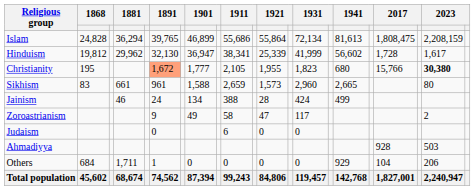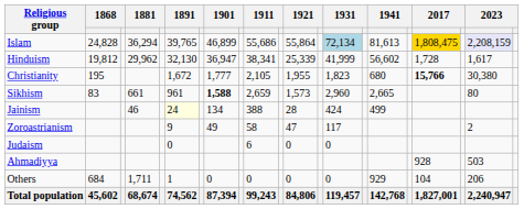 <table class="wikitable collapsible sortable">
 <tr>
 <th rowspan="2"><a href='#'>Religious</a><br>group</th>
 <th colspan="2">1868</th>
 <th colspan="2">1881</th>
 <th colspan="2">1891</th>
 <th colspan="2">1901</th>
 <th colspan="2">1911</th>
 <th colspan="2">1921</th>
 <th colspan="2">1931</th>
 <th colspan="2">1941</th>
 <th colspan="2">2017</th>
 <th colspan="2">2023</th>
 </tr>
 <tr>
 <th><a href='#'></a></th>
 <th></th>
 <th></th>
 <th></th>
 <th></th>
 <th></th>
 <th></th>
 <th></th>
 <th></th>
 <th></th>
 <th></th>
 <th></th>
 <th></th>
 <th></th>
 <th></th>
 <th></th>
 <th></th>
 <th></th>
 <th></th>
 <th></th>
 </tr>
 <tr>
 <td><a href='#'>Islam</a> </td>
 <td>24,828</td>
 <td></td>
 <td>36,294</td>
 <td></td>
 <td>39,765</td>
 <td></td>
 <td>46,899</td>
 <td></td>
 <td>55,686</td>
 <td></td>
 <td>55,864</td>
 <td></td>
-<td>72,134</td>
+<td style="background: lightblue;">72,134</td>
 <td></td>
 <td>81,613</td>
 <td></td>
-<td>1,808,475</td>
+<td style="background: gold;">1,808,475</td>
 <td></td>
-<td>2,208,159</td>
+<td style="background: lavender;">2,208,159</td>
 <td></td>
 </tr>
 <tr>
 <td><a href='#'>Hinduism</a> </td>
 <td>19,812</td>
 <td></td>
 <td>29,962</td>
 <td></td>
 <td>32,130</td>
 <td></td>
 <td>36,947</td>
 <td></td>
 <td>38,341</td>
 <td></td>
 <td>25,339</td>
 <td></td>
 <td>41,999</td>
 <td></td>
 <td>56,602</td>
 <td></td>
 <td>1,728</td>
 <td></td>
 <td>1,617</td>
 <td></td>
 </tr>
 <tr>
 <td><a href='#'>Christianity</a> </td>
 <td>195</td>
 <td></td>
 <td></td>
 <td></td>
-<td style="background: lightsalmon;">1,672</td>
+<td>1,672</td>
 <td></td>
 <td>1,777</td>
 <td></td>
 <td>2,105</td>
 <td></td>
 <td>1,955</td>
 <td></td>
 <td>1,823</td>
 <td></td>
 <td>680</td>
 <td></td>
-<td>15,766</td>
+<td><strong>15,766</strong></td>
 <td></td>
-<td><strong>30,380</strong></td>
+<td>30,380</td>
 <td></td>
 </tr>
 <tr>
 <td><a href='#'>Sikhism</a> </td>
 <td>83</td>
 <td></td>
 <td>661</td>
 <td></td>
 <td>961</td>
 <td></td>
-<td>1,588</td>
+<td><strong>1,588</strong></td>
 <td></td>
 <td>2,659</td>
 <td></td>
 <td>1,573</td>
 <td></td>
 <td>2,960</td>
 <td></td>
 <td>2,665</td>
 <td></td>
 <td></td>
 <td></td>
 <td>80</td>
 <td></td>
 </tr>
 <tr>
 <td><a href='#'>Jainism</a> </td>
 <td></td>
 <td></td>
 <td>46</td>
 <td></td>
-<td>24</td>
+<td style="background: lightyellow;">24</td>
 <td></td>
 <td>134</td>
 <td></td>
 <td>388</td>
 <td></td>
 <td>28</td>
 <td></td>
 <td>424</td>
 <td></td>
 <td>499</td>
 <td></td>
 <td></td>
 <td></td>
 <td></td>
 <td></td>
 </tr>
 <tr>
 <td><a href='#'>Zoroastrianism</a> </td>
 <td></td>
 <td></td>
 <td></td>
 <td></td>
 <td>9</td>
 <td></td>
 <td>49</td>
 <td></td>
 <td>58</td>
 <td></td>
 <td>47</td>
 <td></td>
 <td>117</td>
 <td></td>
 <td></td>
 <td></td>
 <td></td>
 <td></td>
 <td>2</td>
 <td></td>
 </tr>
 <tr>
 <td><a href='#'>Judaism</a> </td>
 <td></td>
 <td></td>
 <td></td>
 <td></td>
 <td>0</td>
 <td></td>
 <td></td>
 <td></td>
 <td>6</td>
 <td></td>
 <td>0</td>
 <td></td>
 <td>0</td>
 <td></td>
 <td></td>
 <td></td>
 <td></td>
 <td></td>
 <td></td>
 <td></td>
 </tr>
 <tr>
 <td><a href='#'>Ahmadiyya</a> </td>
 <td></td>
 <td></td>
 <td></td>
 <td></td>
 <td></td>
 <td></td>
 <td></td>
 <td></td>
 <td></td>
 <td></td>
 <td></td>
 <td></td>
 <td></td>
 <td></td>
 <td></td>
 <td></td>
 <td>928</td>
 <td></td>
 <td>503</td>
 <td></td>
 </tr>
 <tr>
 <td>Others</td>
 <td>684</td>
 <td></td>
 <td>1,711</td>
 <td></td>
 <td>1</td>
 <td></td>
 <td>0</td>
 <td></td>
 <td>0</td>
 <td></td>
 <td>0</td>
 <td></td>
 <td>0</td>
 <td></td>
 <td>929</td>
 <td></td>
 <td>104</td>
 <td></td>
 <td>206</td>
 <td></td>
 </tr>
 <tr>
 <th>Total population</th>
 <th>45,602</th>
 <th></th>
 <th>68,674</th>
 <th></th>
 <th>74,562</th>
 <th></th>
 <th>87,394</th>
 <th></th>
 <th>99,243</th>
 <th></th>
 <th>84,806</th>
 <th></th>
 <th>119,457</th>
 <th></th>
 <th>142,768</th>
 <th></th>
 <th>1,827,001</th>
 <th></th>
 <th>2,240,947</th>
 <th></th>
 </tr>
 </table>
